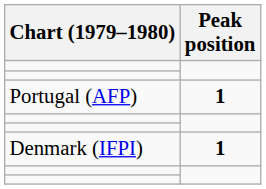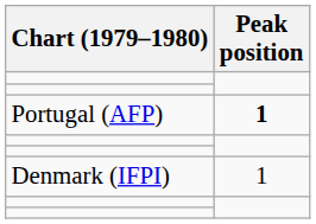 <table class="wikitable sortable">
 <tr>
 <th>Chart (1979–1980)</th>
 <th align="center">Peak<br>position</th>
 </tr>
 <tr>
 <td></td>
 </tr>
 <tr>
 <td></td>
 </tr>
 <tr>
 <td>Portugal (<a href='#'>AFP</a>)</td>
 <td align="center"><strong>1</strong></td>
 </tr>
 <tr>
 <td></td>
 </tr>
 <tr>
 <td></td>
 </tr>
 <tr>
 <td>Denmark (<a href='#'>IFPI</a>)</td>
-<td align="center"><strong>1</strong></td>
+<td align="center">1</td>
 </tr>
 <tr>
 <td></td>
 </tr>
 <tr>
 <td></td>
 </tr>
 </table>
